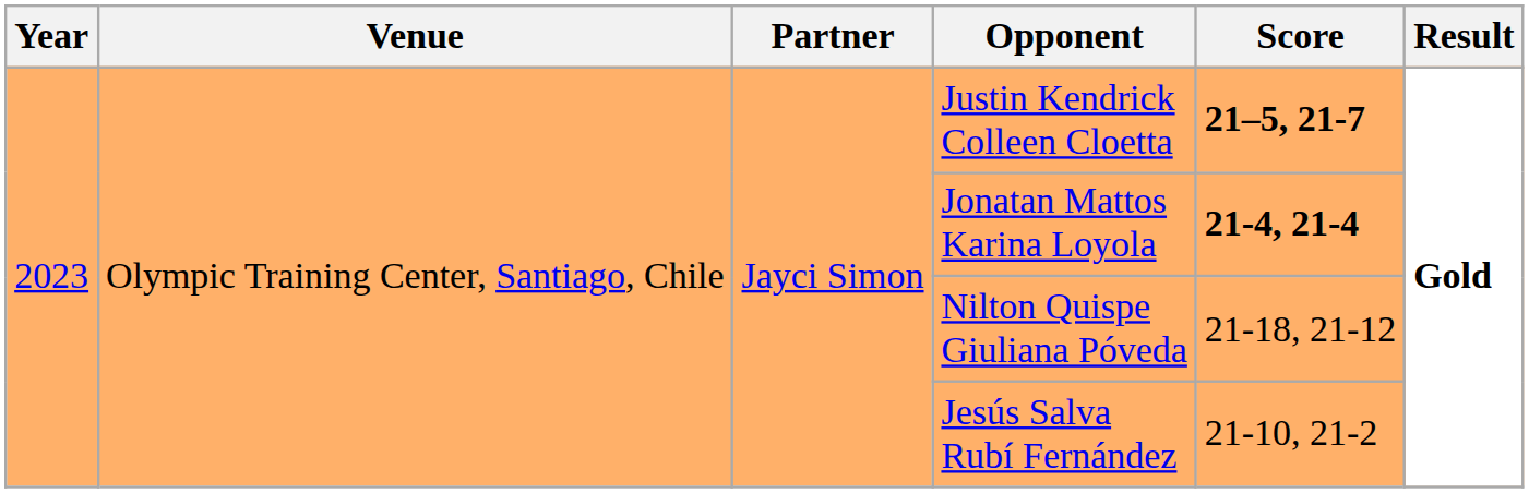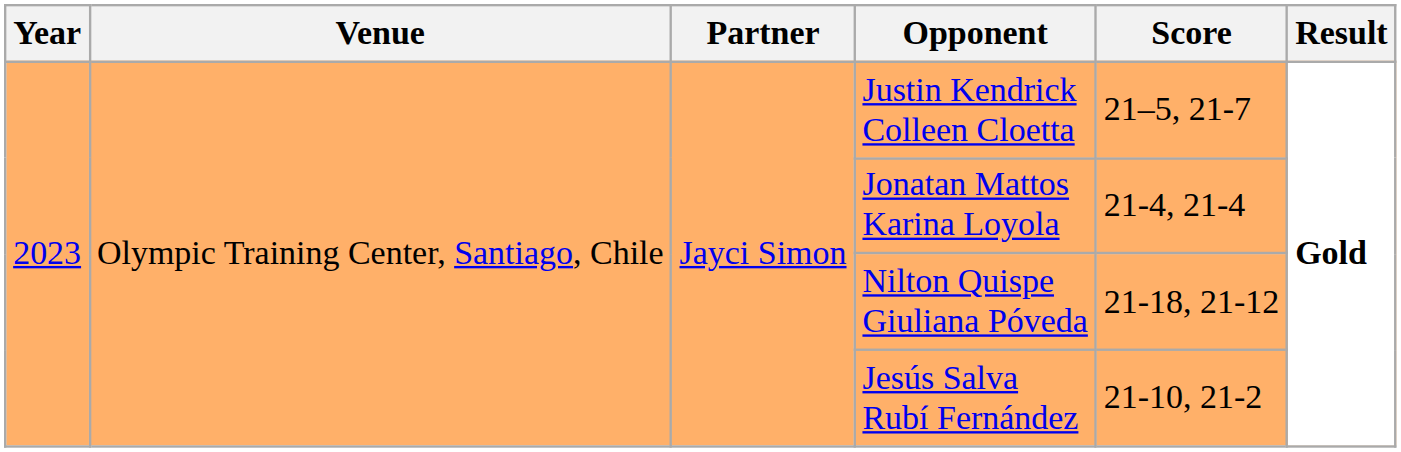 <table class="sortable wikitable" style="font-size: 90%;">
 <tr>
 <th>Year</th>
 <th>Venue</th>
 <th>Partner</th>
 <th>Opponent</th>
 <th>Score</th>
 <th>Result</th>
 </tr>
 <tr style="background:#FFB069">
 <td rowspan="4" align="center"><a href='#'>2023</a></td>
 <td rowspan="4" align="left">Olympic Training Center, <a href='#'>Santiago</a>, Chile</td>
 <td rowspan="4"> <a href='#'>Jayci Simon</a></td>
 <td align="left"> <a href='#'>Justin Kendrick</a><br> <a href='#'>Colleen Cloetta</a></td>
-<td align="left"><strong>21–5, 21-7</strong></td>
+<td align="left">21–5, 21-7</td>
 <td rowspan="4" style="text-align:left; background:white"> <strong>Gold</strong></td>
 </tr>
 <tr style="background:#FFB069">
 <td align="left"> <a href='#'>Jonatan Mattos</a><br> <a href='#'>Karina Loyola</a></td>
-<td align="left"><strong>21-4, 21-4</strong></td>
+<td align="left">21-4, 21-4</td>
 </tr>
 <tr style="background:#FFB069">
 <td align="left"> <a href='#'>Nilton Quispe</a><br> <a href='#'>Giuliana Póveda</a></td>
 <td align="left">21-18, 21-12</td>
 </tr>
 <tr style="background:#FFB069">
 <td align="left"> <a href='#'>Jesús Salva</a><br> <a href='#'>Rubí Fernández</a></td>
 <td align="left">21-10, 21-2</td>
 </tr>
 </table>
